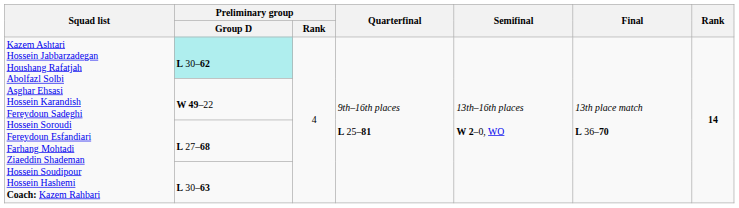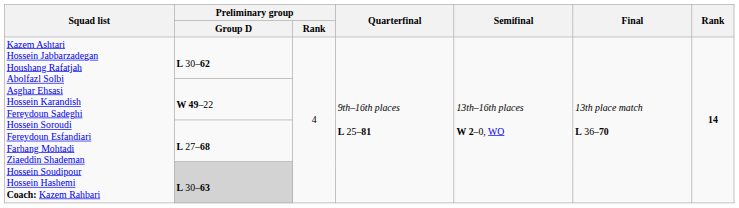 <table class="wikitable" width="85%" style="text-align:left; font-size:90%">
 <tr>
 <th rowspan="2" width="20%">Squad list</th>
 <th colspan="2">Preliminary group</th>
 <th rowspan="2" width="14%">Quarterfinal</th>
 <th rowspan="2" width="14%">Semifinal</th>
 <th rowspan="2" width="14%">Final</th>
 <th rowspan="2" width="5%">Rank</th>
 </tr>
 <tr>
 <th width="14%">Group D</th>
 <th width="5%">Rank</th>
 </tr>
 <tr>
 <td rowspan="4"><a href='#'>Kazem Ashtari</a><br><a href='#'>Hossein Jabbarzadegan</a><br><a href='#'>Houshang Rafatjah</a><br><a href='#'>Abolfazl Solbi</a><br><a href='#'>Asghar Ehsasi</a><br><a href='#'>Hossein Karandish</a><br><a href='#'>Fereydoun Sadeghi</a><br><a href='#'>Hossein Soroudi</a><br><a href='#'>Fereydoun Esfandiari</a><br><a href='#'>Farhang Mohtadi</a><br><a href='#'>Ziaeddin Shademan</a><br><a href='#'>Hossein Soudipour</a><br><a href='#'>Hossein Hashemi</a><br> <strong>Coach:</strong> <a href='#'>Kazem Rahbari</a></td>
-<td style="background: paleturquoise;"><br><strong>L</strong> 30–<strong>62</strong></td>
+<td><br><strong>L</strong> 30–<strong>62</strong></td>
 <td rowspan="4" align=center>4</td>
 <td rowspan="4"><em>9th–16th places</em><br><br><strong>L</strong> 25–<strong>81</strong></td>
 <td rowspan="4"><em>13th–16th places</em><br><br><strong>W</strong> <strong>2</strong>–0, <a href='#'>WO</a></td>
 <td rowspan="4"><em>13th place match</em><br><br><strong>L</strong> 36–<strong>70</strong></td>
 <td rowspan="4" align="center"><strong>14</strong></td>
 </tr>
 <tr>
 <td><br><strong>W</strong> <strong>49</strong>–22</td>
 </tr>
 <tr>
 <td><br><strong>L</strong> 27–<strong>68</strong></td>
 </tr>
 <tr>
-<td><br><strong>L</strong> 30–<strong>63</strong></td>
+<td style="background: lightgrey;"><br><strong>L</strong> 30–<strong>63</strong></td>
 </tr>
 </table>
